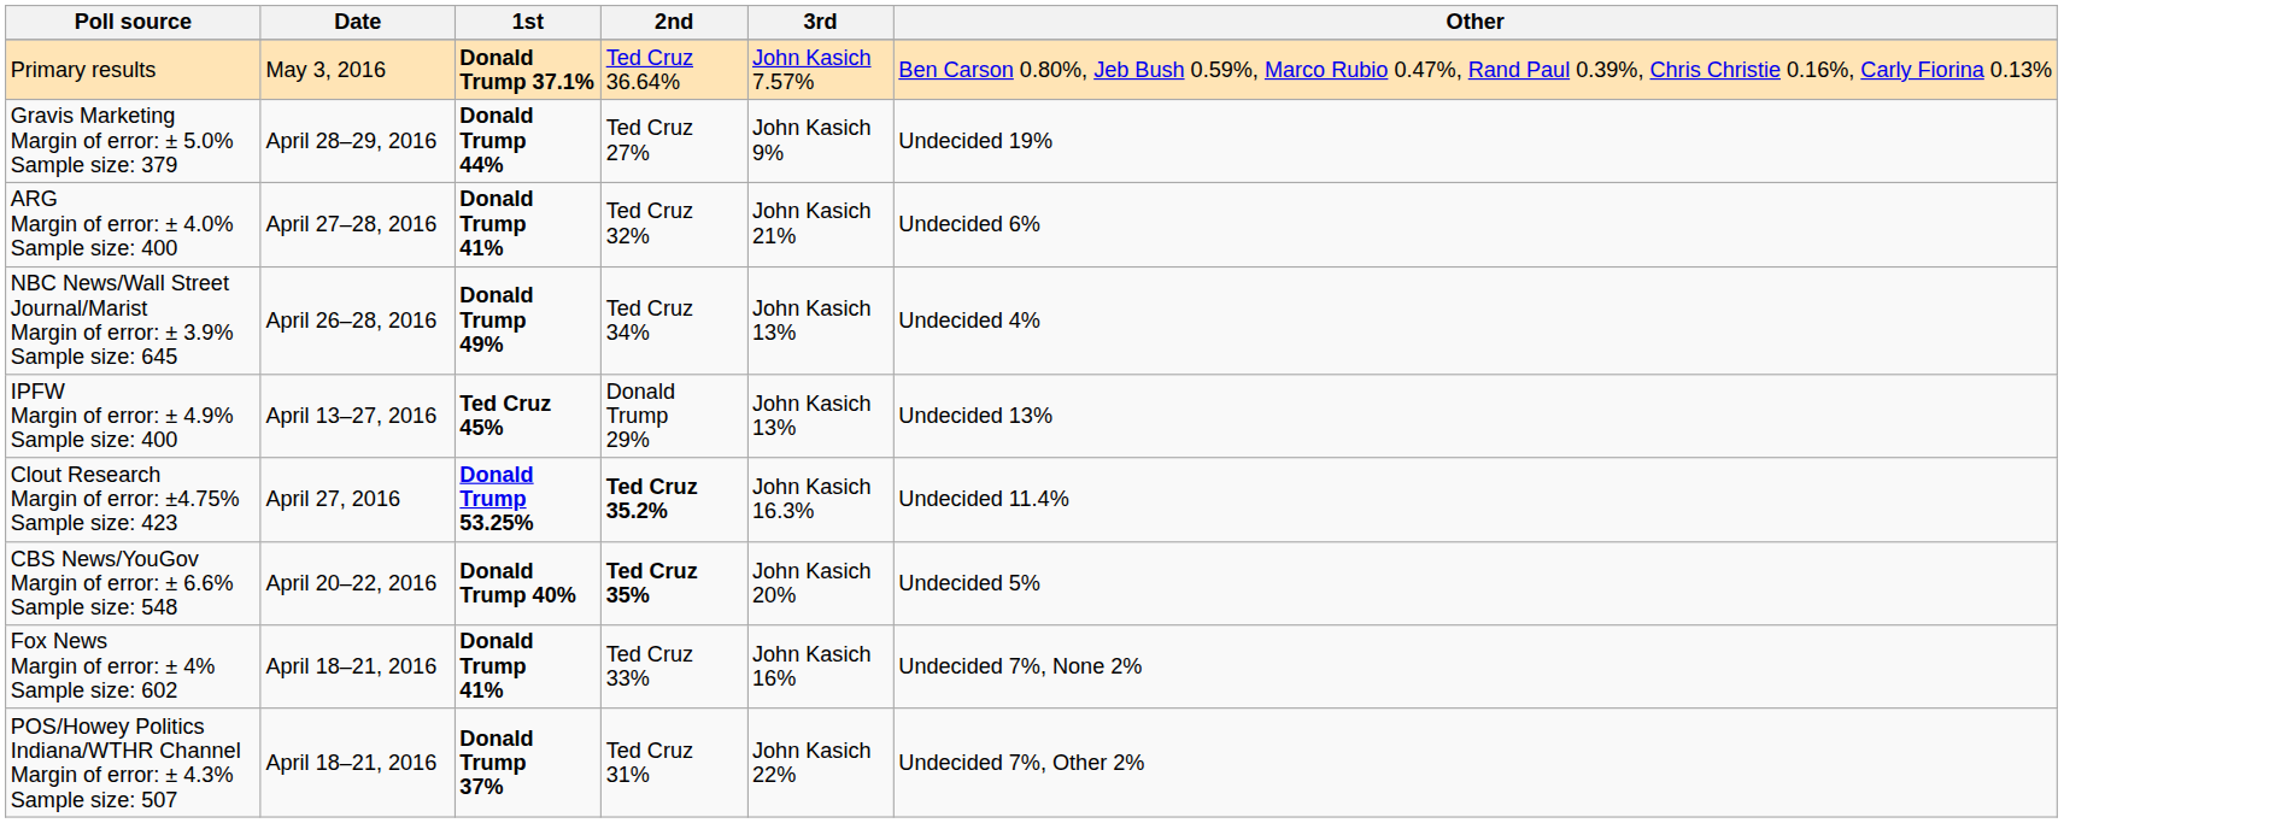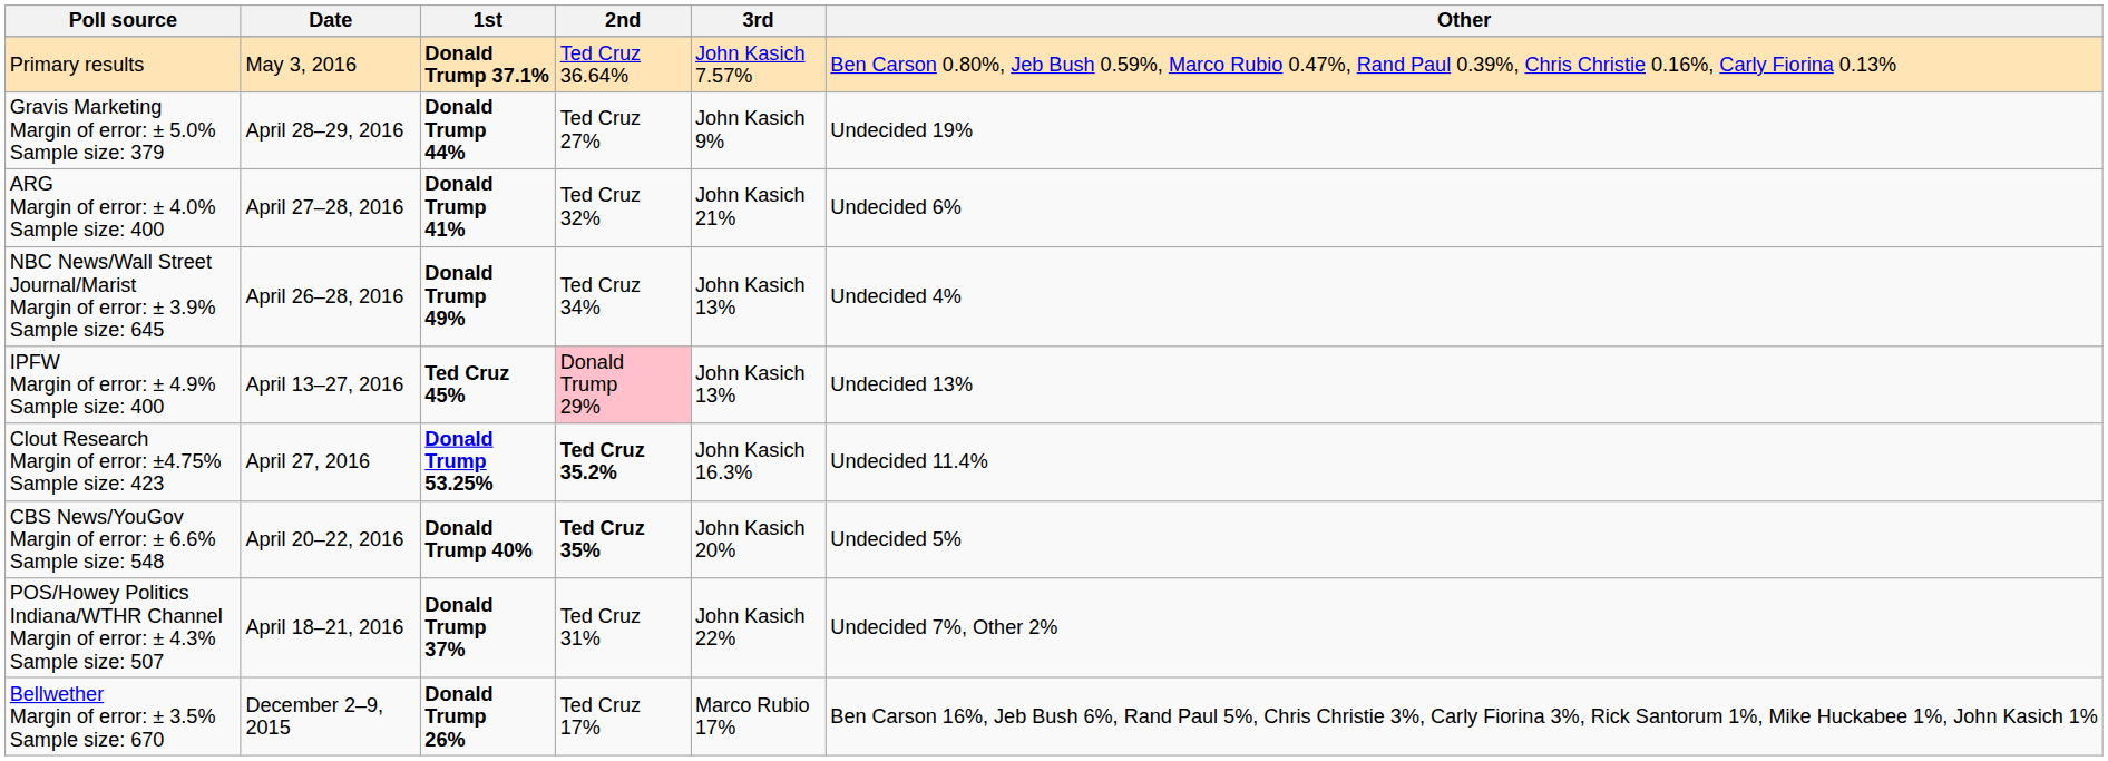 <table class="wikitable">
 <tr>
 <th style="width:180px;">Poll source</th>
 <th style="width:135px;">Date</th>
 <th style="width:100px;">1st</th>
 <th style="width:100px;">2nd</th>
 <th style="width:100px;">3rd</th>
 <th>Other</th>
 </tr>
 <tr>
 </tr>
 <tr style="background:Moccasin;">
 <td>Primary results</td>
 <td>May 3, 2016</td>
 <td><strong>Donald Trump 37.1%</strong></td>
 <td><a href='#'>Ted Cruz</a><br>36.64%</td>
 <td><a href='#'>John Kasich</a><br>7.57%</td>
 <td><a href='#'>Ben Carson</a> 0.80%, <a href='#'>Jeb Bush</a> 0.59%, <a href='#'>Marco Rubio</a> 0.47%, <a href='#'>Rand Paul</a> 0.39%, <a href='#'>Chris Christie</a> 0.16%, <a href='#'>Carly Fiorina</a> 0.13%</td>
 </tr>
 <tr>
 <td>Gravis Marketing<br>Margin of error: ± 5.0% <br>Sample size: 379</td>
 <td>April 28–29, 2016</td>
 <td><strong>Donald Trump<br>44%</strong></td>
 <td>Ted Cruz<br>27%</td>
 <td>John Kasich<br>9%</td>
 <td>Undecided 19%</td>
 </tr>
 <tr>
 <td>ARG<br>Margin of error: ± 4.0% <br>Sample size: 400</td>
 <td>April 27–28, 2016</td>
 <td><strong>Donald Trump<br>41%</strong></td>
 <td>Ted Cruz<br>32%</td>
 <td>John Kasich<br>21%</td>
 <td>Undecided 6%</td>
 </tr>
 <tr>
 <td>NBC News/Wall Street Journal/Marist<br>Margin of error: ± 3.9% <br>Sample size: 645</td>
 <td>April 26–28, 2016</td>
 <td><strong>Donald Trump<br>49%</strong></td>
 <td>Ted Cruz<br>34%</td>
 <td>John Kasich<br>13%</td>
 <td>Undecided 4%</td>
 </tr>
 <tr>
 <td>IPFW<br>Margin of error: ± 4.9% <br>Sample size: 400</td>
 <td>April 13–27, 2016</td>
 <td><strong>Ted Cruz<br>45%</strong></td>
-<td>Donald Trump<br>29%</td>
+<td style="background: pink;">Donald Trump<br>29%</td>
 <td>John Kasich<br>13%</td>
 <td>Undecided 13%</td>
 </tr>
 <tr>
 <td>Clout Research<br>Margin of error: ±4.75% <br>Sample size: 423</td>
 <td>April 27, 2016</td>
 <td><strong><a href='#'>Donald Trump</a><br>53.25%</strong></td>
 <td><strong>Ted Cruz<br>35.2%</strong></td>
 <td>John Kasich<br>16.3%</td>
 <td>Undecided 11.4%</td>
 </tr>
 <tr>
 <td>CBS News/YouGov<br>Margin of error: ± 6.6% <br>Sample size: 548</td>
 <td>April 20–22, 2016</td>
 <td><strong>Donald Trump 40%</strong></td>
 <td><strong>Ted Cruz<br>35%</strong></td>
 <td>John Kasich<br>20%</td>
 <td>Undecided 5%</td>
 </tr>
 <tr>
-<td>Fox News<br>Margin of error: ± 4% <br>Sample size: 602</td>
-<td>April 18–21, 2016</td>
-<td><strong>Donald Trump<br>41%</strong></td>
-<td>Ted Cruz<br>33%</td>
-<td>John Kasich<br>16%</td>
-<td>Undecided 7%, None 2%</td>
-</tr>
-<tr>
 <td>POS/Howey Politics Indiana/WTHR Channel<br>Margin of error: ± 4.3% <br>Sample size: 507</td>
 <td>April 18–21, 2016</td>
 <td><strong>Donald Trump<br>37%</strong></td>
 <td>Ted Cruz<br>31%</td>
 <td>John Kasich<br>22%</td>
 <td>Undecided 7%, Other 2%</td>
 </tr>
+<tr>
+<td><a href='#'>Bellwether</a><br>Margin of error: ± 3.5% <br>Sample size: 670</td>
+<td>December 2–9, 2015</td>
+<td><strong>Donald Trump<br>26%</strong></td>
+<td>Ted Cruz<br>17%</td>
+<td>Marco Rubio<br>17%</td>
+<td>Ben Carson 16%, Jeb Bush 6%, Rand Paul 5%, Chris Christie 3%, Carly Fiorina 3%, Rick Santorum 1%, Mike Huckabee 1%, John Kasich 1%</td>
+</tr>
 </table>
